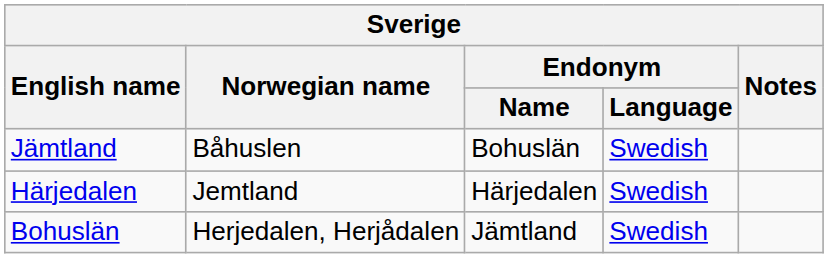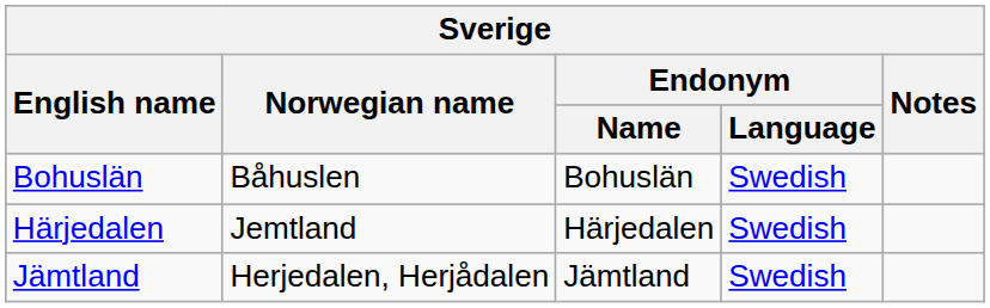 <table class="wikitable sortable">
 <tr>
 <th colspan="5"> Sverige</th>
 </tr>
 <tr>
 <th rowspan="2">English name</th>
 <th rowspan="2">Norwegian name</th>
 <th colspan="2">Endonym</th>
 <th rowspan="2">Notes</th>
 </tr>
 <tr>
 <th>Name</th>
 <th>Language</th>
 </tr>
 <tr>
-<td><a href='#'>Jämtland</a></td>
+<td><a href='#'>Bohuslän</a></td>
 <td>Båhuslen</td>
 <td>Bohuslän</td>
 <td><a href='#'>Swedish</a></td>
 <td></td>
 </tr>
 <tr>
 <td><a href='#'>Härjedalen</a></td>
 <td>Jemtland</td>
 <td>Härjedalen</td>
 <td><a href='#'>Swedish</a></td>
 <td></td>
 </tr>
 <tr>
-<td><a href='#'>Bohuslän</a></td>
+<td><a href='#'>Jämtland</a></td>
 <td>Herjedalen, Herjådalen</td>
 <td>Jämtland</td>
 <td><a href='#'>Swedish</a></td>
 <td></td>
 </tr>
 </table>
